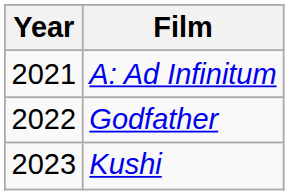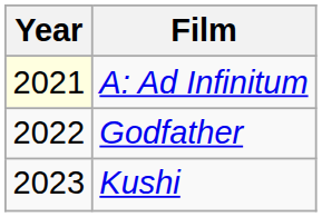 <table class="wikitable sortable">
 <tr>
 <th>Year</th>
 <th>Film</th>
 </tr>
 <tr>
-<td>2021</td>
+<td style="background: lightyellow;">2021</td>
 <td><em><a href='#'>A: Ad Infinitum</a></em></td>
 </tr>
 <tr>
 <td>2022</td>
 <td><em><a href='#'>Godfather</a></em></td>
 </tr>
 <tr>
 <td>2023</td>
 <td><em><a href='#'>Kushi</a></em></td>
 </tr>
 </table>
